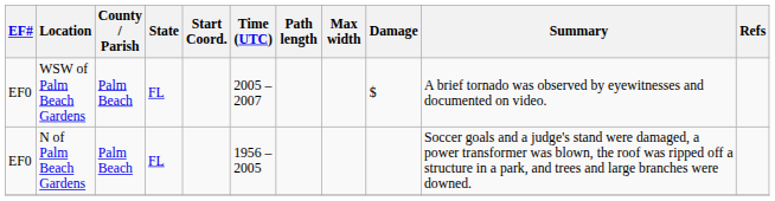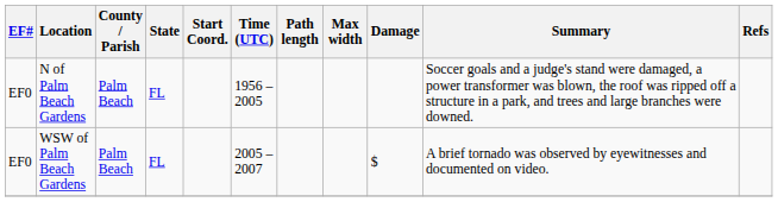 <table class="wikitable sortable" style="width:100%;">
 <tr>
 <th scope="col" width="3%" align="center"><a href='#'>EF#</a></th>
 <th scope="col" width="7%" align="center" class="unsortable">Location</th>
 <th scope="col" width="6%" align="center" class="unsortable">County / Parish</th>
 <th scope="col" width="5%" align="center">State</th>
 <th scope="col" width="6%" align="center">Start Coord.</th>
 <th scope="col" width="6%" align="center">Time (<a href='#'>UTC</a>)</th>
 <th scope="col" width="6%" align="center">Path length</th>
 <th scope="col" width="6%" align="center">Max width</th>
 <th scope="col" width="6%" align="center">Damage</th>
 <th scope="col" width="48%" class="unsortable" align="center">Summary</th>
 <th scope="col" width="48%" class="unsortable" align="center">Refs</th>
 </tr>
 <tr>
 <td>EF0</td>
+<td>N of <a href='#'>Palm Beach Gardens</a></td>
+<td><a href='#'>Palm Beach</a></td>
+<td><a href='#'>FL</a></td>
+<td></td>
+<td>1956 – 2005</td>
+<td></td>
+<td></td>
+<td></td>
+<td>Soccer goals and a judge's stand were damaged, a power transformer was blown, the roof was ripped off a structure in a park, and trees and large branches were downed.</td>
+<td></td>
+</tr>
+<tr>
+<td>EF0</td>
 <td>WSW of <a href='#'>Palm Beach Gardens</a></td>
 <td><a href='#'>Palm Beach</a></td>
 <td><a href='#'>FL</a></td>
 <td></td>
 <td>2005 – 2007</td>
 <td></td>
 <td></td>
 <td>$</td>
 <td>A brief tornado was observed by eyewitnesses and documented on video.</td>
 <td></td>
 </tr>
 <tr>
-<td>EF0</td>
-<td>N of <a href='#'>Palm Beach Gardens</a></td>
-<td><a href='#'>Palm Beach</a></td>
-<td><a href='#'>FL</a></td>
-<td></td>
-<td>1956 – 2005</td>
-<td></td>
-<td></td>
-<td></td>
-<td>Soccer goals and a judge's stand were damaged, a power transformer was blown, the roof was ripped off a structure in a park, and trees and large branches were downed.</td>
-<td></td>
-</tr>
-<tr>
 </tr>
 </table>
